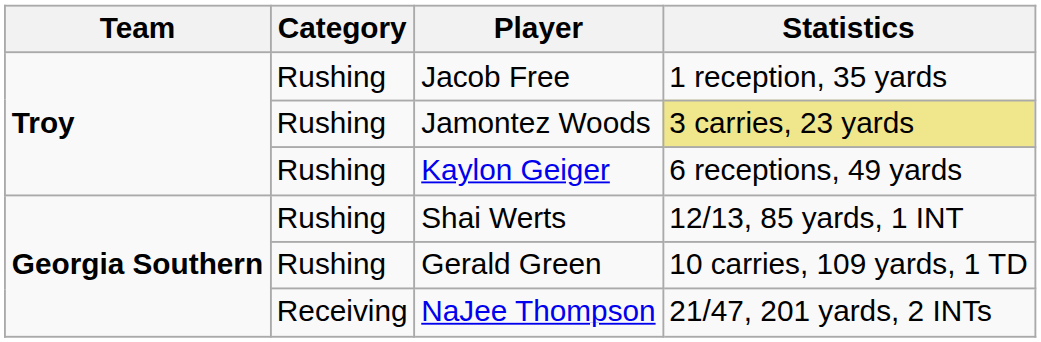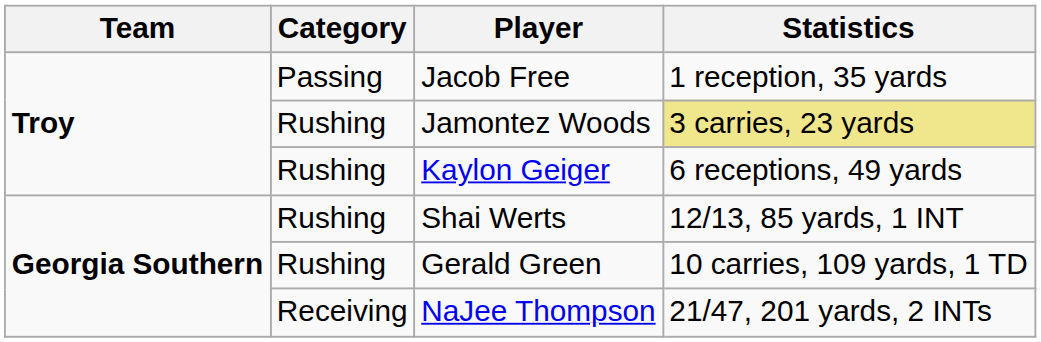 <table class="wikitable" style="float: left;">
 <tr>
 <th>Team</th>
 <th>Category</th>
 <th>Player</th>
 <th>Statistics</th>
 </tr>
 <tr>
 <td rowspan=3><strong>Troy</strong></td>
-<td>Rushing</td>
+<td>Passing</td>
 <td>Jacob Free</td>
 <td>1 reception, 35 yards</td>
 </tr>
 <tr>
 <td>Rushing</td>
 <td>Jamontez Woods</td>
 <td style="background: khaki;">3 carries, 23 yards</td>
 </tr>
 <tr>
 <td>Rushing</td>
 <td><a href='#'>Kaylon Geiger</a></td>
 <td>6 receptions, 49 yards</td>
 </tr>
 <tr>
 <td rowspan=3><strong>Georgia Southern</strong></td>
 <td>Rushing</td>
 <td>Shai Werts</td>
 <td>12/13, 85 yards, 1 INT</td>
 </tr>
 <tr>
 <td>Rushing</td>
 <td>Gerald Green</td>
 <td>10 carries, 109 yards, 1 TD</td>
 </tr>
 <tr>
 <td>Receiving</td>
 <td><a href='#'>NaJee Thompson</a></td>
 <td>21/47, 201 yards, 2 INTs</td>
 </tr>
 </table>
